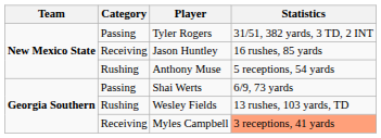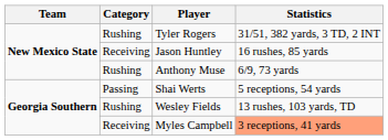 <table class="wikitable" style="float: right;">
 <tr>
 <th>Team</th>
 <th>Category</th>
 <th>Player</th>
 <th>Statistics</th>
 </tr>
 <tr>
 <td rowspan=3><strong>New Mexico State</strong></td>
-<td>Passing</td>
+<td>Rushing</td>
 <td>Tyler Rogers</td>
 <td>31/51, 382 yards, 3 TD, 2 INT</td>
 </tr>
 <tr>
 <td>Receiving</td>
 <td>Jason Huntley</td>
 <td>16 rushes, 85 yards</td>
 </tr>
 <tr>
 <td>Rushing</td>
 <td>Anthony Muse</td>
-<td>5 receptions, 54 yards</td>
+<td>6/9, 73 yards</td>
 </tr>
 <tr>
 <td rowspan=3><strong>Georgia Southern</strong></td>
 <td>Passing</td>
 <td>Shai Werts</td>
-<td>6/9, 73 yards</td>
+<td>5 receptions, 54 yards</td>
 </tr>
 <tr>
 <td>Rushing</td>
 <td>Wesley Fields</td>
 <td>13 rushes, 103 yards, TD</td>
 </tr>
 <tr>
 <td>Receiving</td>
 <td>Myles Campbell</td>
 <td style="background: lightsalmon;">3 receptions, 41 yards</td>
 </tr>
 </table>
